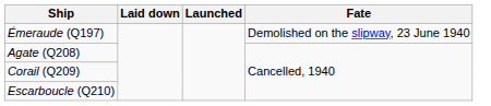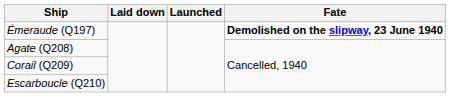 <table class="wikitable">
 <tr>
 <th>Ship</th>
 <th>Laid down</th>
 <th>Launched</th>
 <th>Fate</th>
 </tr>
 <tr>
 <td><em>Émeraude</em> (Q197)</td>
 <td rowspan=4></td>
 <td rowspan=4></td>
-<td>Demolished on the <a href='#'>slipway</a>, 23 June 1940</td>
+<td><strong>Demolished on the <a href='#'>slipway</a>, 23 June 1940</strong></td>
 </tr>
 <tr>
 <td><em>Agate</em> (Q208)</td>
 <td rowspan=3>Cancelled, 1940</td>
 </tr>
 <tr>
 <td><em>Corail</em> (Q209)</td>
 </tr>
 <tr>
 <td><em>Escarboucle</em> (Q210)</td>
 </tr>
 </table>
